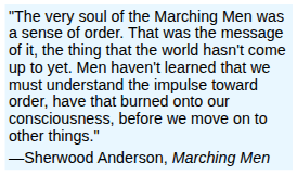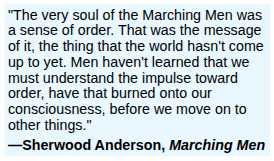 <table class="toccolours" style="float: right; margin-left: 1em; margin-right: 0em; font-size: 85%; background:#E9F7FF; color:black; width:24em; max-width: 20%;" cellspacing="2">
 <tr>
 <td style="text-align: left;">"The very soul of the Marching Men was a sense of order. That was the message of it, the thing that the world hasn't come up to yet. Men haven't learned that we must understand the impulse toward order, have that burned onto our consciousness, before we move on to other things."</td>
 </tr>
 <tr>
-<td style="text-align: left;">—Sherwood Anderson, <em>Marching Men</em> </td>
+<td style="text-align: left;"><strong>—Sherwood Anderson, <em>Marching Men</em> </strong></td>
 </tr>
 </table>
